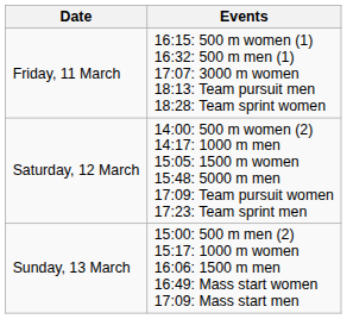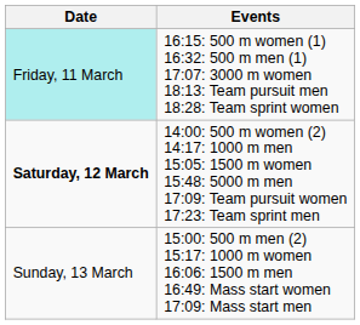 <table class="wikitable" border="1">
 <tr>
 <th> Date </th>
 <th> Events </th>
 </tr>
 <tr>
-<td> Friday, 11 March </td>
+<td style="background: paleturquoise;"> Friday, 11 March </td>
 <td> 16:15: 500 m women (1) <br> 16:32: 500 m men (1) <br> 17:07: 3000 m women <br> 18:13: Team pursuit men <br> 18:28: Team sprint women </td>
 </tr>
 <tr>
-<td> Saturday, 12 March </td>
+<td><strong> Saturday, 12 March </strong></td>
 <td> 14:00: 500 m women (2) <br> 14:17: 1000 m men <br> 15:05: 1500 m women <br> 15:48: 5000 m men <br> 17:09: Team pursuit women <br> 17:23: Team sprint men </td>
 </tr>
 <tr>
 <td> Sunday, 13 March </td>
 <td> 15:00: 500 m men (2) <br> 15:17: 1000 m women <br> 16:06: 1500 m men <br> 16:49: Mass start women <br> 17:09: Mass start men </td>
 </tr>
 </table>
